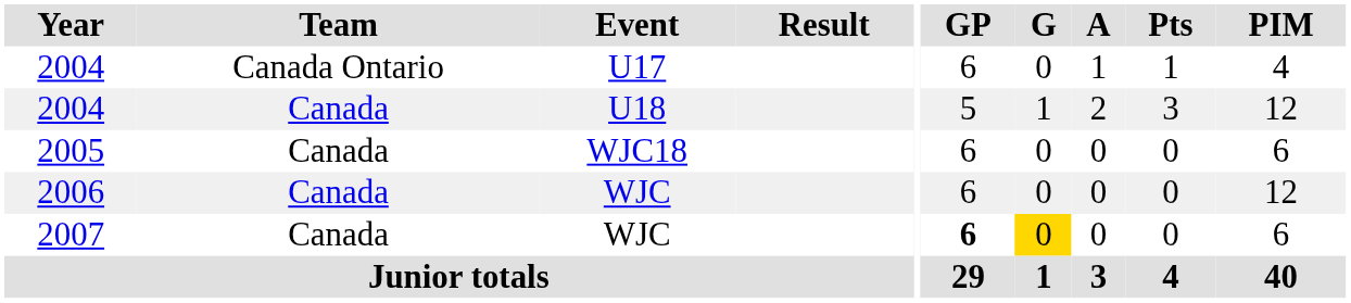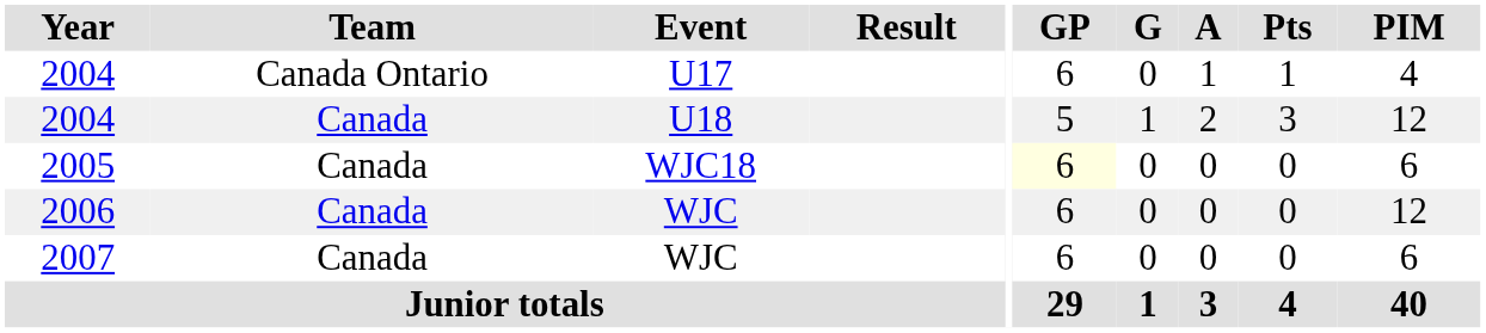 <table border="0" cellpadding="1" cellspacing="0" ID="Table3" style="text-align:center; width:40em">
 <tr bgcolor="#e0e0e0">
 <th>Year</th>
 <th>Team</th>
 <th>Event</th>
 <th>Result</th>
 <th rowspan="99" bgcolor="#ffffff"></th>
 <th>GP</th>
 <th>G</th>
 <th>A</th>
 <th>Pts</th>
 <th>PIM</th>
 </tr>
 <tr>
 <td><a href='#'>2004</a></td>
 <td>Canada Ontario</td>
 <td><a href='#'>U17</a></td>
 <td></td>
 <td>6</td>
 <td>0</td>
 <td>1</td>
 <td>1</td>
 <td>4</td>
 </tr>
 <tr bgcolor="#f0f0f0">
 <td><a href='#'>2004</a></td>
 <td><a href='#'>Canada</a></td>
 <td><a href='#'>U18</a></td>
 <td></td>
 <td>5</td>
 <td>1</td>
 <td>2</td>
 <td>3</td>
 <td>12</td>
 </tr>
 <tr>
 <td><a href='#'>2005</a></td>
 <td>Canada</td>
 <td><a href='#'>WJC18</a></td>
 <td></td>
-<td>6</td>
+<td style="background: lightyellow;">6</td>
 <td>0</td>
 <td>0</td>
 <td>0</td>
 <td>6</td>
 </tr>
 <tr bgcolor="#f0f0f0">
 <td><a href='#'>2006</a></td>
 <td><a href='#'>Canada</a></td>
 <td><a href='#'>WJC</a></td>
 <td></td>
 <td>6</td>
 <td>0</td>
 <td>0</td>
 <td>0</td>
 <td>12</td>
 </tr>
 <tr>
 <td><a href='#'>2007</a></td>
 <td>Canada</td>
 <td>WJC</td>
 <td></td>
-<td><strong>6</strong></td>
-<td style="background: gold;">0</td>
+<td>6</td>
+<td>0</td>
 <td>0</td>
 <td>0</td>
 <td>6</td>
 </tr>
 <tr bgcolor="#e0e0e0">
 <th colspan="4">Junior totals</th>
 <th>29</th>
 <th>1</th>
 <th>3</th>
 <th>4</th>
 <th>40</th>
 </tr>
 </table>
